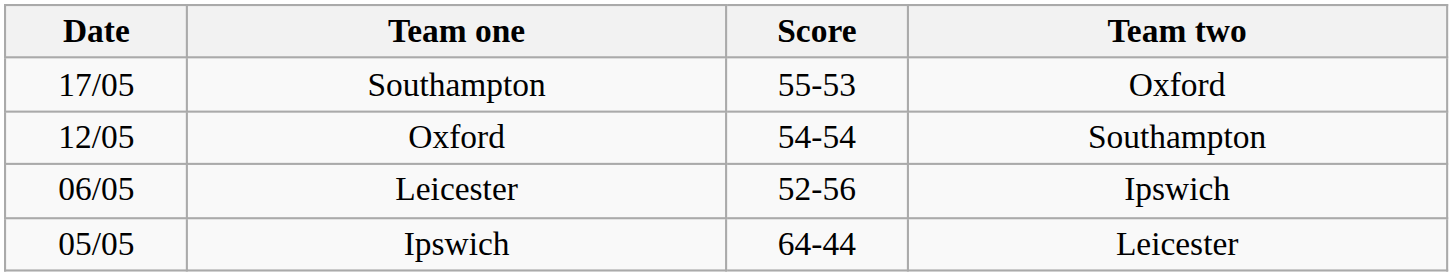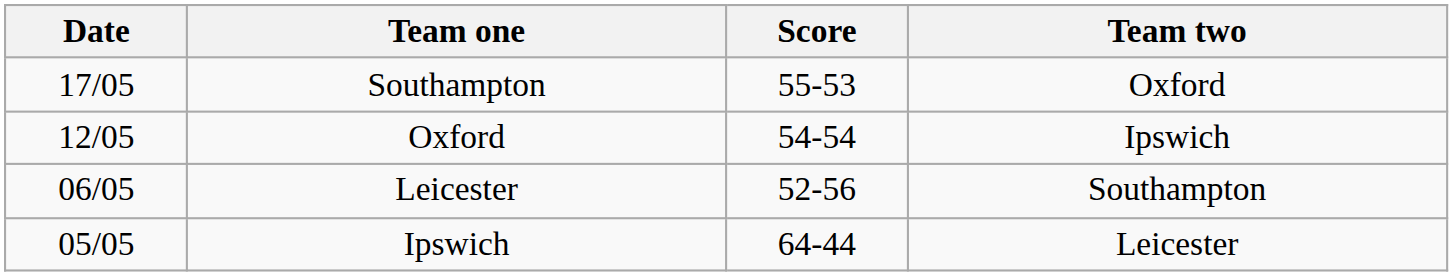 <table class="wikitable" style="text-align: center">
 <tr>
 <th width=80>Date</th>
 <th width=250>Team one</th>
 <th width=80>Score</th>
 <th width=250>Team two</th>
 </tr>
 <tr>
 <td>17/05</td>
 <td>Southampton</td>
 <td>55-53</td>
 <td>Oxford</td>
 </tr>
 <tr>
 <td>12/05</td>
 <td>Oxford</td>
 <td>54-54</td>
-<td>Southampton</td>
+<td>Ipswich</td>
 </tr>
 <tr>
 <td>06/05</td>
 <td>Leicester</td>
 <td>52-56</td>
-<td>Ipswich</td>
+<td>Southampton</td>
 </tr>
 <tr>
 <td>05/05</td>
 <td>Ipswich</td>
 <td>64-44</td>
 <td>Leicester</td>
 </tr>
 </table>
